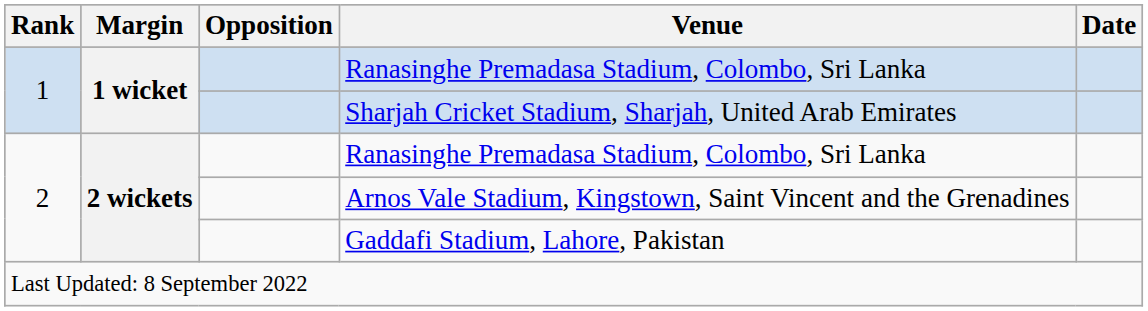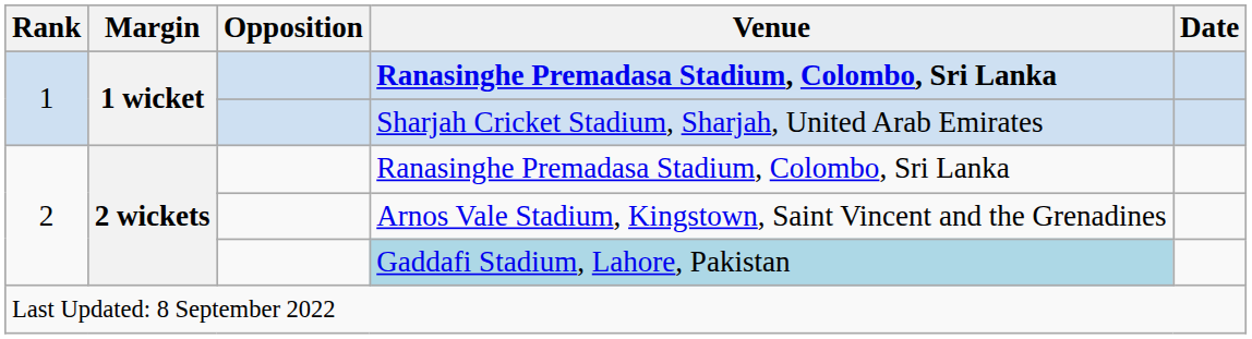 <table class="wikitable plainrowheaders sortable">
 <tr>
 <th scope=col>Rank</th>
 <th scope=col>Margin</th>
 <th scope=col>Opposition</th>
 <th scope=col>Venue</th>
 <th scope=col>Date</th>
 </tr>
 <tr bgcolor=#cee0f2>
 <td align=center rowspan=2>1</td>
 <th scope=row style=text-align:center rowspan=2>1 wicket</th>
 <td></td>
-<td><a href='#'>Ranasinghe Premadasa Stadium</a>, <a href='#'>Colombo</a>, Sri Lanka</td>
+<td><strong><a href='#'>Ranasinghe Premadasa Stadium</a>, <a href='#'>Colombo</a>, Sri Lanka</strong></td>
 <td></td>
 </tr>
 <tr bgcolor=#cee0f2>
 <td></td>
 <td><a href='#'>Sharjah Cricket Stadium</a>, <a href='#'>Sharjah</a>, United Arab Emirates</td>
 <td></td>
 </tr>
 <tr>
 <td align=center rowspan=3>2</td>
 <th scope=row style=text-align:center rowspan=3>2 wickets</th>
 <td></td>
 <td><a href='#'>Ranasinghe Premadasa Stadium</a>, <a href='#'>Colombo</a>, Sri Lanka</td>
 <td> </td>
 </tr>
 <tr>
 <td></td>
 <td><a href='#'>Arnos Vale Stadium</a>, <a href='#'>Kingstown</a>, Saint Vincent and the Grenadines</td>
 <td></td>
 </tr>
 <tr>
 <td></td>
-<td><a href='#'>Gaddafi Stadium</a>, <a href='#'>Lahore</a>, Pakistan</td>
+<td style="background: lightblue;"><a href='#'>Gaddafi Stadium</a>, <a href='#'>Lahore</a>, Pakistan</td>
 <td></td>
 </tr>
 <tr class=sortbottom>
 <td colspan=6><small>Last Updated: 8 September 2022</small></td>
 </tr>
 </table>
